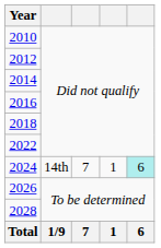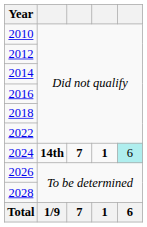 <table class="wikitable" style="text-align:center">
 <tr>
 <th>Year</th>
 <th></th>
 <th width=25></th>
 <th width=25></th>
 <th width=25></th>
 </tr>
 <tr>
 <td> <a href='#'>2010</a></td>
 <td rowspan=6 colspan=4><em>Did not qualify</em></td>
 </tr>
 <tr>
 <td> <a href='#'>2012</a></td>
 </tr>
 <tr>
 <td> <a href='#'>2014</a></td>
 </tr>
 <tr>
 <td> <a href='#'>2016</a></td>
 </tr>
 <tr>
 <td> <a href='#'>2018</a></td>
 </tr>
 <tr>
 <td> <a href='#'>2022</a></td>
 </tr>
 <tr>
 <td> <a href='#'>2024</a></td>
-<td>14th</td>
-<td>7</td>
-<td>1</td>
+<td><strong>14th</strong></td>
+<td><strong>7</strong></td>
+<td><strong>1</strong></td>
 <td style="background: paleturquoise;">6</td>
 </tr>
 <tr>
 <td> <a href='#'>2026</a></td>
 <td rowspan=2 colspan=4><em>To be determined</em></td>
 </tr>
 <tr>
 <td> <a href='#'>2028</a></td>
 </tr>
 <tr>
 <th>Total</th>
 <th>1/9</th>
 <th>7</th>
 <th>1</th>
 <th>6</th>
 </tr>
 </table>
